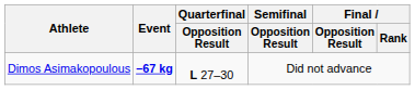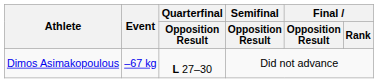 <table class=wikitable style=font-size:90%;text-align:center>
 <tr>
 <th rowspan=2>Athlete</th>
 <th rowspan=2>Event</th>
 <th>Quarterfinal</th>
 <th>Semifinal</th>
 <th colspan=2>Final / </th>
 </tr>
 <tr style=font-size:95%>
 <th>Opposition<br>Result</th>
 <th>Opposition<br>Result</th>
 <th>Opposition<br>Result</th>
 <th>Rank</th>
 </tr>
 <tr>
 <td align=left><a href='#'>Dimos Asimakopoulous</a></td>
-<td align=left><strong><a href='#'>–67 kg</a></strong></td>
+<td align=left><a href='#'>–67 kg</a></td>
 <td><br><strong>L</strong> 27–30</td>
 <td colspan=3>Did not advance</td>
 </tr>
 </table>
